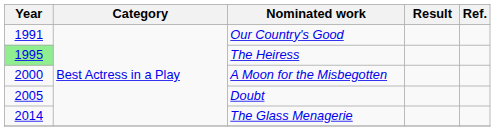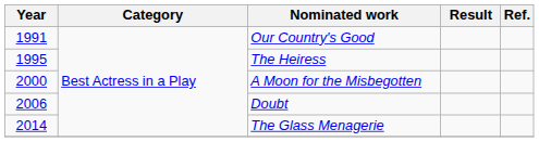 <table class=wikitable>
 <tr>
 <th scope="col" style="width:5em;">Year</th>
 <th scope="col" style="width:26em;">Category</th>
 <th scope="col" style="width:25em;">Nominated work</th>
 <th scope="col" style="width:5em;">Result</th>
 <th>Ref.</th>
 </tr>
 <tr>
 <td style="text-align:center;"><a href='#'>1991</a></td>
 <td rowspan="5"><a href='#'>Best Actress in a Play</a></td>
 <td><em><a href='#'>Our Country's Good</a></em></td>
 <td></td>
 <td></td>
 </tr>
 <tr>
-<td style="background: lightgreen; text-align:center;"><a href='#'>1995</a></td>
+<td style="text-align:center;"><a href='#'>1995</a></td>
 <td><em><a href='#'>The Heiress</a></em></td>
 <td></td>
 <td></td>
 </tr>
 <tr>
 <td style="text-align:center;"><a href='#'>2000</a></td>
 <td><em><a href='#'>A Moon for the Misbegotten</a></em></td>
 <td></td>
 <td></td>
 </tr>
 <tr>
-<td style="text-align:center;"><a href='#'>2005</a></td>
+<td style="text-align:center;"><a href='#'>2006</a></td>
 <td><em><a href='#'>Doubt</a></em></td>
 <td></td>
 <td></td>
 </tr>
 <tr>
 <td style="text-align:center;"><a href='#'>2014</a></td>
 <td><em><a href='#'>The Glass Menagerie</a></em></td>
 <td></td>
 <td></td>
 </tr>
 <tr>
 </tr>
 </table>
